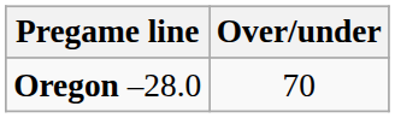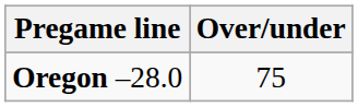 <table class="wikitable" style="margin-left: auto; margin-right: auto; border: none; display: inline-table;">
 <tr align="center">
 <th style=>Pregame line</th>
 <th style=>Over/under</th>
 </tr>
 <tr align="center">
 <td><strong>Oregon</strong> –28.0</td>
-<td>70</td>
+<td>75</td>
 </tr>
 </table>
